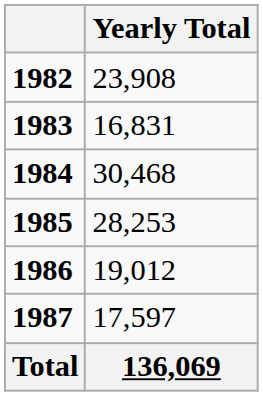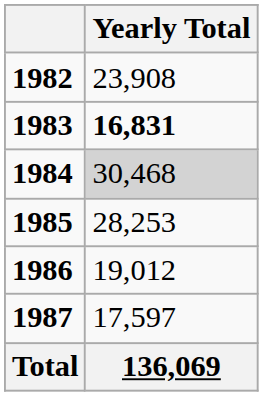 <table class="wikitable">
 <tr>
 <th></th>
 <th>Yearly Total</th>
 </tr>
 <tr>
 <td><strong>1982</strong></td>
 <td>23,908</td>
 </tr>
 <tr>
 <td><strong>1983</strong></td>
-<td>16,831</td>
+<td><strong>16,831</strong></td>
 </tr>
 <tr>
 <td><strong>1984</strong></td>
-<td>30,468</td>
+<td style="background: lightgrey;">30,468</td>
 </tr>
 <tr>
 <td><strong>1985</strong></td>
 <td>28,253</td>
 </tr>
 <tr>
 <td><strong>1986</strong></td>
 <td>19,012</td>
 </tr>
 <tr>
 <td><strong>1987</strong></td>
 <td>17,597</td>
 </tr>
 <tr>
 <th>Total</th>
 <th><u>136,069</u></th>
 </tr>
 </table>
